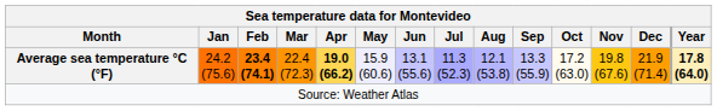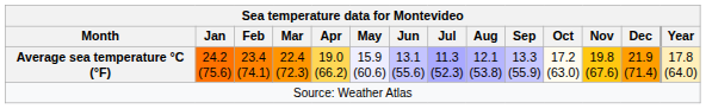 <table style="width:100%;text-align:center;line-height:1.2em;margin-left:auto;margin-right:auto" class="wikitable mw-collapsible">
 <tr>
 <th Colspan=14>Sea temperature data for Montevideo</th>
 </tr>
 <tr>
 <th>Month</th>
 <th>Jan</th>
 <th>Feb</th>
 <th>Mar</th>
 <th>Apr</th>
 <th>May</th>
 <th>Jun</th>
 <th>Jul</th>
 <th>Aug</th>
 <th>Sep</th>
 <th>Oct</th>
 <th>Nov</th>
 <th>Dec</th>
 <th style="border-left-width:medium">Year</th>
 </tr>
 <tr>
 <th>Average sea temperature °C (°F)</th>
 <td style="background:#FF7100;color:#000000;">24.2<br>(75.6)</td>
-<td style="background:#FF8100;color:#000000;"><strong>23.4<br>(74.1)</strong></td>
+<td style="background:#FF8100;color:#000000;">23.4<br>(74.1)</td>
 <td style="background:#FF9500;color:#000000;">22.4<br>(72.3)</td>
-<td style="background:#FFD755;color:#000000;"><strong>19.0<br>(66.2)</strong></td>
+<td style="background:#FFD755;color:#000000;">19.0<br>(66.2)</td>
 <td style="background:#EEEEFF;color:#000000;">15.9<br>(60.6)</td>
 <td style="background:#C4C4FF;color:#000000;">13.1<br>(55.6)</td>
 <td style="background:#A9A9FF;color:#000000;">11.3<br>(52.3)</td>
 <td style="background:#B5B5FF;color:#000000;">12.1<br>(53.8)</td>
 <td style="background:#C7C7FF;color:#000000;">13.3<br>(55.9)</td>
 <td style="background:#FFFBEE;color:#000000;">17.2<br>(63.0)</td>
 <td style="background:#FFC810;color:#000000;">19.8<br>(67.6)</td>
 <td style="background:#FF9E00;color:#000000;">21.9<br>(71.4)</td>
-<td style="background:#FFEFBA;color:#000000;border-left-width:medium"><strong>17.8<br>(64.0)</strong></td>
+<td style="background:#FFEFBA;color:#000000;border-left-width:medium">17.8<br>(64.0)</td>
 </tr>
 <tr>
 <th Colspan=14 style="background:#f8f9fa;font-weight:normal;font-size:95%;">Source: Weather Atlas</th>
 </tr>
 </table>
